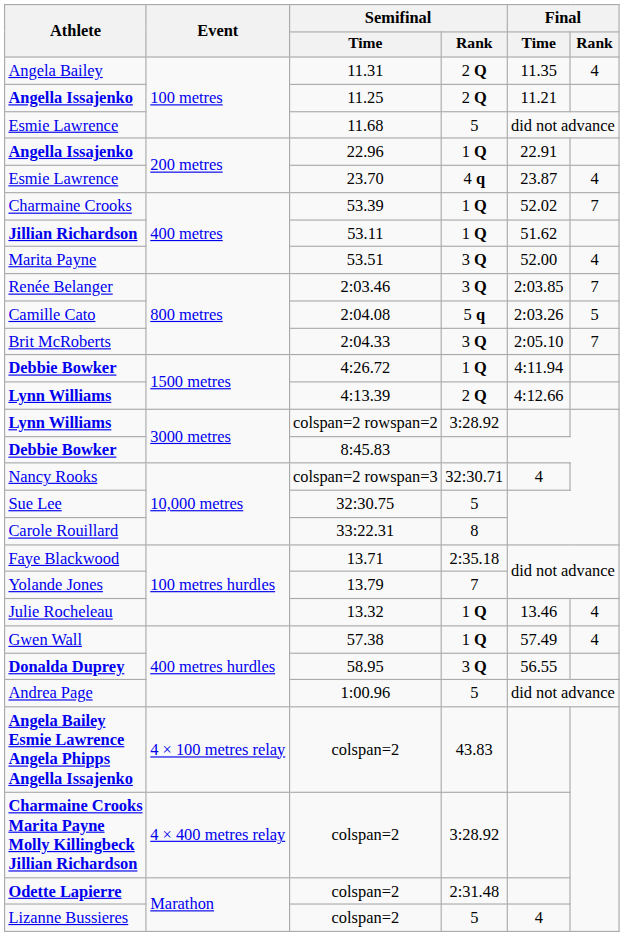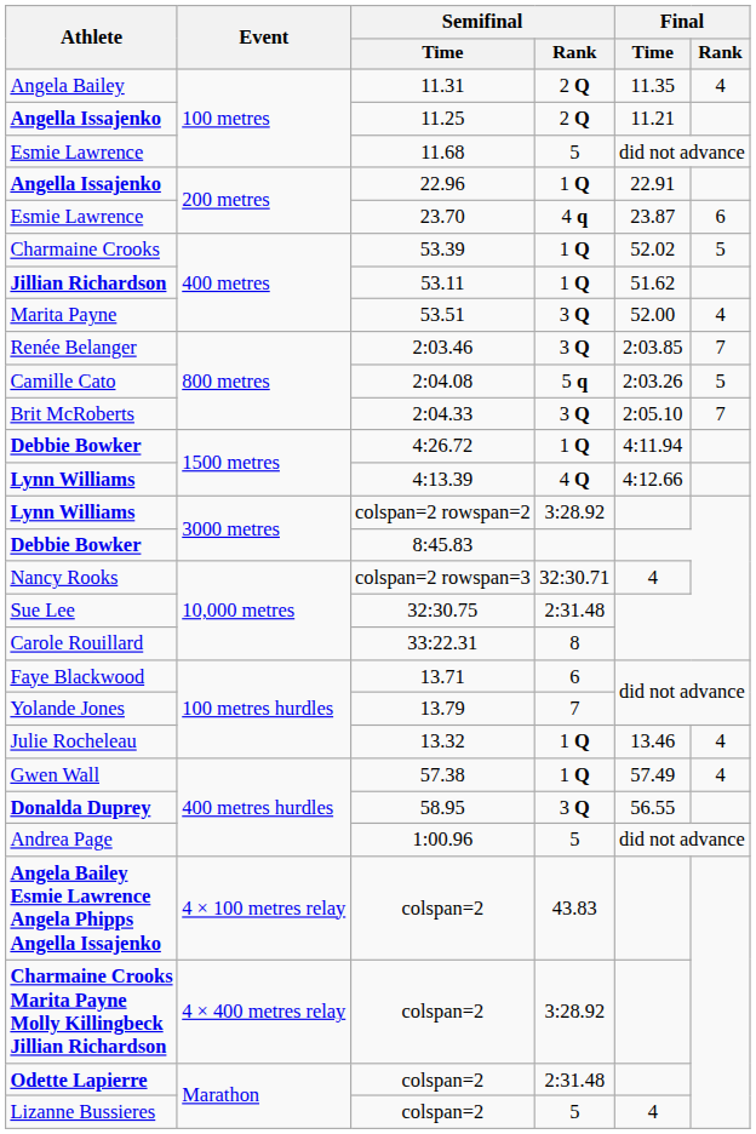 <table class="wikitable" style="font-size:90%">
 <tr>
 <th rowspan="2">Athlete</th>
 <th rowspan="2">Event</th>
 <th colspan="2">Semifinal</th>
 <th colspan="2">Final</th>
 </tr>
 <tr style="font-size:95%">
 <th>Time</th>
 <th>Rank</th>
 <th>Time</th>
 <th>Rank</th>
 </tr>
 <tr align=center>
 <td align=left><a href='#'>Angela Bailey</a></td>
 <td align=left rowspan=3><a href='#'>100 metres</a></td>
 <td>11.31</td>
 <td>2 <strong>Q</strong></td>
 <td>11.35</td>
 <td>4</td>
 </tr>
 <tr align=center>
 <td align=left><strong><a href='#'>Angella Issajenko</a></strong></td>
 <td>11.25</td>
 <td>2 <strong>Q</strong></td>
 <td>11.21</td>
 <td></td>
 </tr>
 <tr align=center>
 <td align=left><a href='#'>Esmie Lawrence</a></td>
 <td>11.68</td>
 <td>5</td>
 <td colspan=2>did not advance</td>
 </tr>
 <tr align=center>
 <td align=left><strong><a href='#'>Angella Issajenko</a></strong></td>
 <td align=left rowspan=2><a href='#'>200 metres</a></td>
 <td>22.96</td>
 <td>1 <strong>Q</strong></td>
 <td>22.91</td>
 <td></td>
 </tr>
 <tr align=center>
 <td align=left><a href='#'>Esmie Lawrence</a></td>
 <td>23.70</td>
 <td>4 <strong>q</strong></td>
 <td>23.87</td>
-<td>4</td>
+<td>6</td>
 </tr>
 <tr align=center>
 <td align=left><a href='#'>Charmaine Crooks</a></td>
 <td align=left rowspan=3><a href='#'>400 metres</a></td>
 <td>53.39</td>
 <td>1 <strong>Q</strong></td>
 <td>52.02</td>
-<td>7</td>
+<td>5</td>
 </tr>
 <tr align=center>
 <td align=left><strong><a href='#'>Jillian Richardson</a></strong></td>
 <td>53.11</td>
 <td>1 <strong>Q</strong></td>
 <td>51.62</td>
 <td></td>
 </tr>
 <tr align=center>
 <td align=left><a href='#'>Marita Payne</a></td>
 <td>53.51</td>
 <td>3 <strong>Q</strong></td>
 <td>52.00</td>
 <td>4</td>
 </tr>
 <tr align=center>
 <td align=left><a href='#'>Renée Belanger</a></td>
 <td align=left rowspan=3><a href='#'>800 metres</a></td>
 <td>2:03.46</td>
 <td>3 <strong>Q</strong></td>
 <td>2:03.85</td>
 <td>7</td>
 </tr>
 <tr align=center>
 <td align=left><a href='#'>Camille Cato</a></td>
 <td>2:04.08</td>
 <td>5 <strong>q</strong></td>
 <td>2:03.26</td>
 <td>5</td>
 </tr>
 <tr align=center>
 <td align=left><a href='#'>Brit McRoberts</a></td>
 <td>2:04.33</td>
 <td>3 <strong>Q</strong></td>
 <td>2:05.10</td>
 <td>7</td>
 </tr>
 <tr align=center>
 <td align=left><strong><a href='#'>Debbie Bowker</a></strong></td>
 <td align=left rowspan=2><a href='#'>1500 metres</a></td>
 <td>4:26.72</td>
 <td>1 <strong>Q</strong></td>
 <td>4:11.94</td>
 <td></td>
 </tr>
 <tr align=center>
 <td align=left><strong><a href='#'>Lynn Williams</a></strong></td>
 <td>4:13.39</td>
-<td>2 <strong>Q</strong></td>
+<td>4 <strong>Q</strong></td>
 <td>4:12.66</td>
 <td></td>
 </tr>
 <tr align=center>
 <td align=left><strong><a href='#'>Lynn Williams</a></strong></td>
 <td align=left rowspan=2><a href='#'>3000 metres</a></td>
 <td>colspan=2 rowspan=2 </td>
 <td>3:28.92</td>
 <td></td>
 </tr>
 <tr align=center>
 <td align=left><strong><a href='#'>Debbie Bowker</a></strong></td>
 <td>8:45.83</td>
 <td></td>
 </tr>
 <tr align=center>
 <td align=left><a href='#'>Nancy Rooks</a></td>
 <td align=left rowspan=3><a href='#'>10,000 metres</a></td>
 <td>colspan=2 rowspan=3 </td>
 <td>32:30.71</td>
 <td>4</td>
 </tr>
 <tr align=center>
 <td align=left><a href='#'>Sue Lee</a></td>
 <td>32:30.75</td>
-<td>5</td>
+<td>2:31.48</td>
 </tr>
 <tr align=center>
 <td align=left><a href='#'>Carole Rouillard</a></td>
 <td>33:22.31</td>
 <td>8</td>
 </tr>
 <tr align=center>
 <td align=left><a href='#'>Faye Blackwood</a></td>
 <td align=left rowspan=3><a href='#'>100 metres hurdles</a></td>
 <td>13.71</td>
-<td>2:35.18</td>
+<td>6</td>
 <td colspan=2 rowspan=2>did not advance</td>
 </tr>
 <tr align=center>
 <td align=left><a href='#'>Yolande Jones</a></td>
 <td>13.79</td>
 <td>7</td>
 </tr>
 <tr align=center>
 <td align=left><a href='#'>Julie Rocheleau</a></td>
 <td>13.32</td>
 <td>1 <strong>Q</strong></td>
 <td>13.46</td>
 <td>4</td>
 </tr>
 <tr align=center>
 <td align=left><a href='#'>Gwen Wall</a></td>
 <td align=left rowspan=3><a href='#'>400 metres hurdles</a></td>
 <td>57.38</td>
 <td>1 <strong>Q</strong></td>
 <td>57.49</td>
 <td>4</td>
 </tr>
 <tr align=center>
 <td align=left><strong><a href='#'>Donalda Duprey</a></strong></td>
 <td>58.95</td>
 <td>3 <strong>Q</strong></td>
 <td>56.55</td>
 <td></td>
 </tr>
 <tr align=center>
 <td align=left><a href='#'>Andrea Page</a></td>
 <td>1:00.96</td>
 <td>5</td>
 <td colspan=2>did not advance</td>
 </tr>
 <tr align=center>
 <td align=left><strong><a href='#'>Angela Bailey</a></strong><br><strong><a href='#'>Esmie Lawrence</a></strong><br><strong><a href='#'>Angela Phipps</a></strong><br><strong><a href='#'>Angella Issajenko</a></strong></td>
 <td align=left><a href='#'>4 × 100 metres relay</a></td>
 <td>colspan=2 </td>
 <td>43.83</td>
 <td></td>
 </tr>
 <tr align=center>
 <td align=left><strong><a href='#'>Charmaine Crooks</a></strong><br><strong><a href='#'>Marita Payne</a></strong><br><strong><a href='#'>Molly Killingbeck</a></strong><br><strong><a href='#'>Jillian Richardson</a></strong></td>
 <td align=left><a href='#'>4 × 400 metres relay</a></td>
 <td>colspan=2 </td>
 <td>3:28.92</td>
 <td></td>
 </tr>
 <tr align=center>
 <td align=left><strong><a href='#'>Odette Lapierre</a></strong></td>
 <td align=left rowspan=2><a href='#'>Marathon</a></td>
 <td>colspan=2 </td>
 <td>2:31.48</td>
 <td></td>
 </tr>
 <tr align=center>
 <td align=left><a href='#'>Lizanne Bussieres</a></td>
 <td>colspan=2 </td>
 <td>5</td>
 <td>4</td>
 </tr>
 </table>
